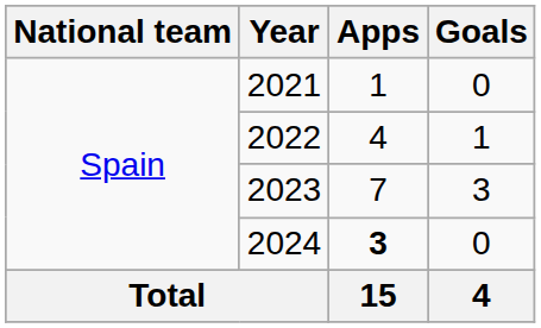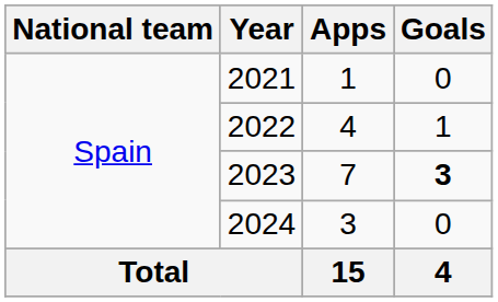 <table class="wikitable" style="text-align:center">
 <tr>
 <th>National team</th>
 <th>Year</th>
 <th>Apps</th>
 <th>Goals</th>
 </tr>
 <tr>
 <td rowspan="4"><a href='#'>Spain</a></td>
 <td>2021</td>
 <td>1</td>
 <td>0</td>
 </tr>
 <tr>
 <td>2022</td>
 <td>4</td>
 <td>1</td>
 </tr>
 <tr>
 <td>2023</td>
 <td>7</td>
-<td>3</td>
+<td><strong>3</strong></td>
 </tr>
 <tr>
 <td>2024</td>
-<td><strong>3</strong></td>
+<td>3</td>
 <td>0</td>
 </tr>
 <tr>
 <th colspan="2">Total</th>
 <th>15</th>
 <th>4</th>
 </tr>
 </table>
